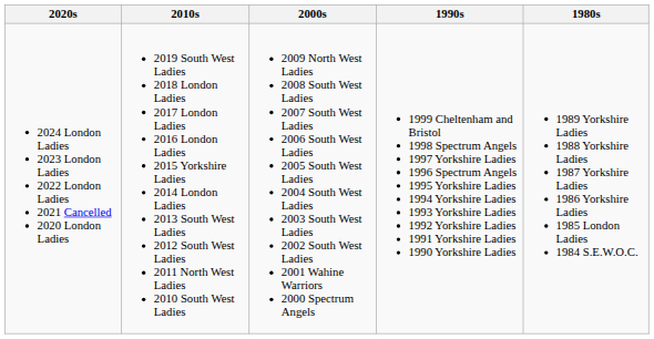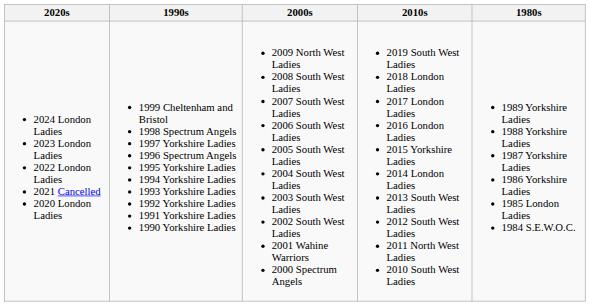 <table class="wikitable">
 <tr>
 <th>2020s</th>
+<th>1990s</th>
+<th>2000s</th>
 <th>2010s</th>
-<th>2000s</th>
-<th>1990s</th>
 <th>1980s</th>
 </tr>
 <tr>
 <td><br><ul><li>2024	London Ladies</li><li>2023	London Ladies</li><li>2022	London Ladies</li><li>2021	<a href='#'>Cancelled</a></li><li>2020	London Ladies</li></ul></td>
+<td><br><ul><li>1999	Cheltenham and Bristol</li><li>1998	Spectrum Angels</li><li>1997	Yorkshire Ladies</li><li>1996	Spectrum Angels</li><li>1995	Yorkshire Ladies</li><li>1994	Yorkshire Ladies</li><li>1993	Yorkshire Ladies</li><li>1992	Yorkshire Ladies</li><li>1991	Yorkshire Ladies</li><li>1990	Yorkshire Ladies</li></ul></td>
+<td><br><ul><li>2009	North West Ladies</li><li>2008	South West Ladies</li><li>2007	South West Ladies</li><li>2006	South West Ladies</li><li>2005	South West Ladies</li><li>2004	South West Ladies</li><li>2003	South West Ladies</li><li>2002	South West Ladies</li><li>2001	Wahine Warriors</li><li>2000	Spectrum Angels</li></ul></td>
 <td><br><ul><li>2019	South West Ladies</li><li>2018	London Ladies</li><li>2017	London Ladies</li><li>2016	London Ladies</li><li>2015	Yorkshire Ladies</li><li>2014	London Ladies</li><li>2013	South West Ladies</li><li>2012	South West Ladies</li><li>2011	North West Ladies</li><li>2010	South West Ladies</li></ul></td>
-<td><br><ul><li>2009	North West Ladies</li><li>2008	South West Ladies</li><li>2007	South West Ladies</li><li>2006	South West Ladies</li><li>2005	South West Ladies</li><li>2004	South West Ladies</li><li>2003	South West Ladies</li><li>2002	South West Ladies</li><li>2001	Wahine Warriors</li><li>2000	Spectrum Angels</li></ul></td>
-<td><br><ul><li>1999	Cheltenham and Bristol</li><li>1998	Spectrum Angels</li><li>1997	Yorkshire Ladies</li><li>1996	Spectrum Angels</li><li>1995	Yorkshire Ladies</li><li>1994	Yorkshire Ladies</li><li>1993	Yorkshire Ladies</li><li>1992	Yorkshire Ladies</li><li>1991	Yorkshire Ladies</li><li>1990	Yorkshire Ladies</li></ul></td>
 <td><br><ul><li>1989	Yorkshire Ladies</li><li>1988	Yorkshire Ladies</li><li>1987	Yorkshire Ladies</li><li>1986	Yorkshire Ladies</li><li>1985	London Ladies</li><li>1984	S.E.W.O.C.</li></ul></td>
 </tr>
 </table>
